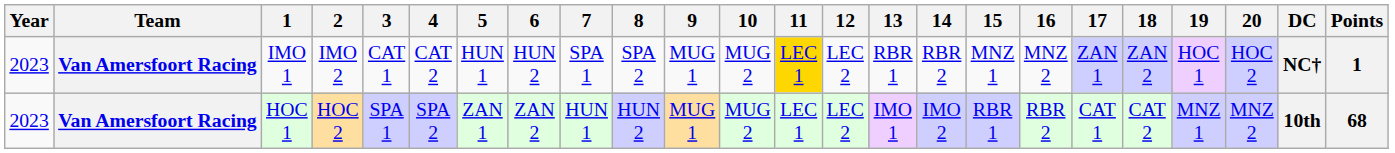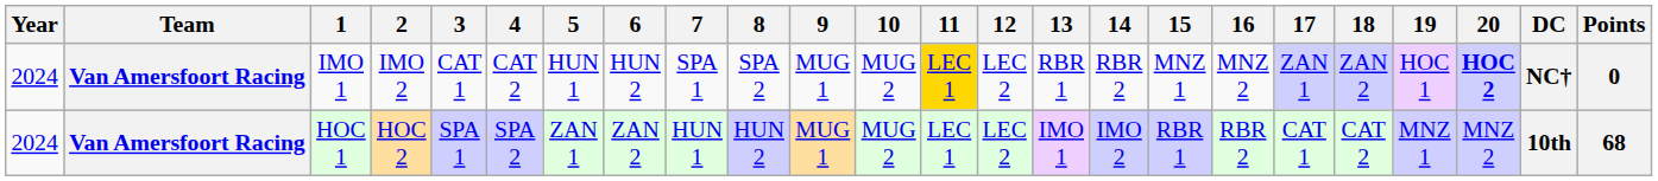 <table class="wikitable" style="text-align:center; font-size:85%">
 <tr>
 <th>Year</th>
 <th>Team</th>
 <th>1</th>
 <th>2</th>
 <th>3</th>
 <th>4</th>
 <th>5</th>
 <th>6</th>
 <th>7</th>
 <th>8</th>
 <th>9</th>
 <th>10</th>
 <th>11</th>
 <th>12</th>
 <th>13</th>
 <th>14</th>
 <th>15</th>
 <th>16</th>
 <th>17</th>
 <th>18</th>
 <th>19</th>
 <th>20</th>
 <th>DC</th>
 <th>Points</th>
 </tr>
 <tr>
-<td><a href='#'>2023</a></td>
+<td><a href='#'>2024</a></td>
 <th nowrap><a href='#'>Van Amersfoort Racing</a></th>
 <td><a href='#'>IMO<br>1</a></td>
 <td><a href='#'>IMO<br>2</a></td>
 <td><a href='#'>CAT<br>1</a></td>
 <td><a href='#'>CAT<br>2</a></td>
 <td><a href='#'>HUN<br>1</a></td>
 <td><a href='#'>HUN<br>2</a></td>
 <td><a href='#'>SPA<br>1</a></td>
 <td><a href='#'>SPA<br>2</a></td>
 <td><a href='#'>MUG<br>1</a></td>
 <td><a href='#'>MUG<br>2</a></td>
 <td style="background: gold;"><a href='#'>LEC<br>1</a></td>
 <td><a href='#'>LEC<br>2</a></td>
 <td><a href='#'>RBR<br>1</a></td>
 <td><a href='#'>RBR<br>2</a></td>
 <td><a href='#'>MNZ<br>1</a></td>
 <td><a href='#'>MNZ<br>2</a></td>
 <td style="background:#CFCFFF;"><a href='#'>ZAN<br>1</a><br></td>
 <td style="background:#CFCFFF;"><a href='#'>ZAN<br>2</a><br></td>
 <td style="background:#EFCFFF;"><a href='#'>HOC<br>1</a><br></td>
-<td style="background:#CFCFFF;"><a href='#'>HOC<br>2</a><br></td>
+<td style="background:#CFCFFF;"><strong><a href='#'>HOC<br>2</a><br></strong></td>
 <th>NC†</th>
-<th>1</th>
+<th>0</th>
 </tr>
 <tr>
-<td><a href='#'>2023</a></td>
+<td><a href='#'>2024</a></td>
 <th nowrap><a href='#'>Van Amersfoort Racing</a></th>
 <td style="background:#dfffdf;"><a href='#'>HOC<br>1</a><br></td>
 <td style="background:#ffdf9f;"><a href='#'>HOC<br>2</a><br></td>
 <td style="background:#cfcfff;"><a href='#'>SPA<br>1</a><br></td>
 <td style="background:#cfcfff;"><a href='#'>SPA<br>2</a><br></td>
 <td style="background:#dfffdf;"><a href='#'>ZAN<br>1</a><br></td>
 <td style="background:#dfffdf;"><a href='#'>ZAN<br>2</a><br></td>
 <td style="background:#dfffdf;"><a href='#'>HUN<br>1</a><br></td>
 <td style="background:#cfcfff;"><a href='#'>HUN<br>2</a><br></td>
 <td style="background:#ffdf9f;"><a href='#'>MUG<br>1</a><br></td>
 <td style="background:#dfffdf;"><a href='#'>MUG<br>2</a><br></td>
 <td style="background:#dfffdf;"><a href='#'>LEC<br>1</a><br></td>
 <td style="background:#dfffdf;"><a href='#'>LEC<br>2</a><br></td>
 <td style="background:#efcfff;"><a href='#'>IMO<br>1</a><br></td>
 <td style="background:#cfcfff;"><a href='#'>IMO<br>2</a><br></td>
 <td style="background:#cfcfff;"><a href='#'>RBR<br>1</a><br></td>
 <td style="background:#dfffdf;"><a href='#'>RBR<br>2</a><br></td>
 <td style="background:#dfffdf;"><a href='#'>CAT<br>1</a><br></td>
 <td style="background:#dfffdf;"><a href='#'>CAT<br>2</a><br></td>
 <td style="background:#cfcfff;"><a href='#'>MNZ<br>1</a><br></td>
 <td style="background:#cfcfff;"><a href='#'>MNZ<br>2</a><br></td>
 <th>10th</th>
 <th>68</th>
 </tr>
 </table>
